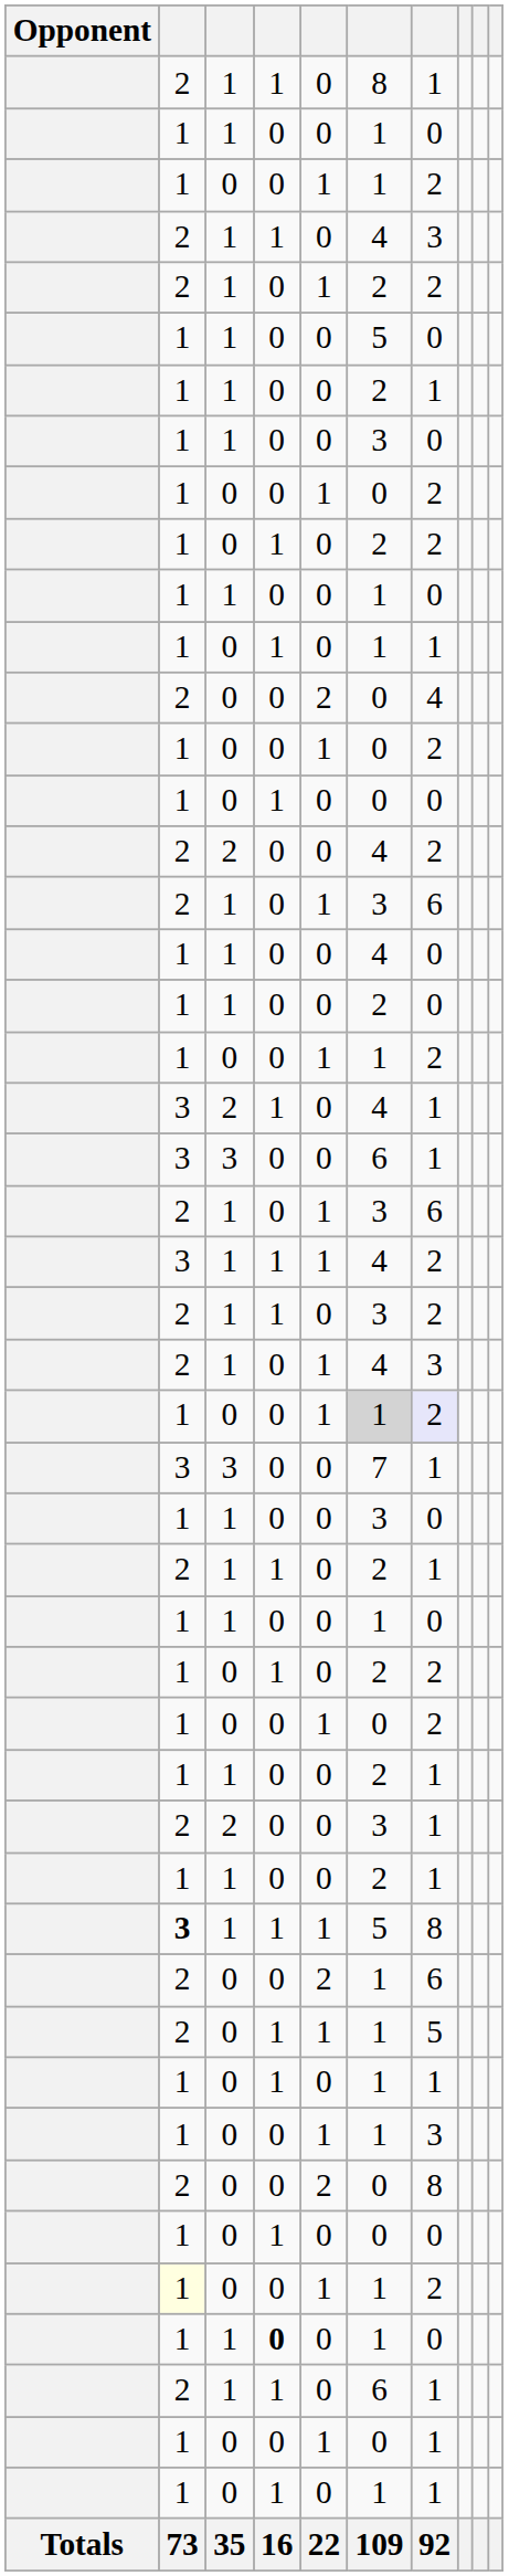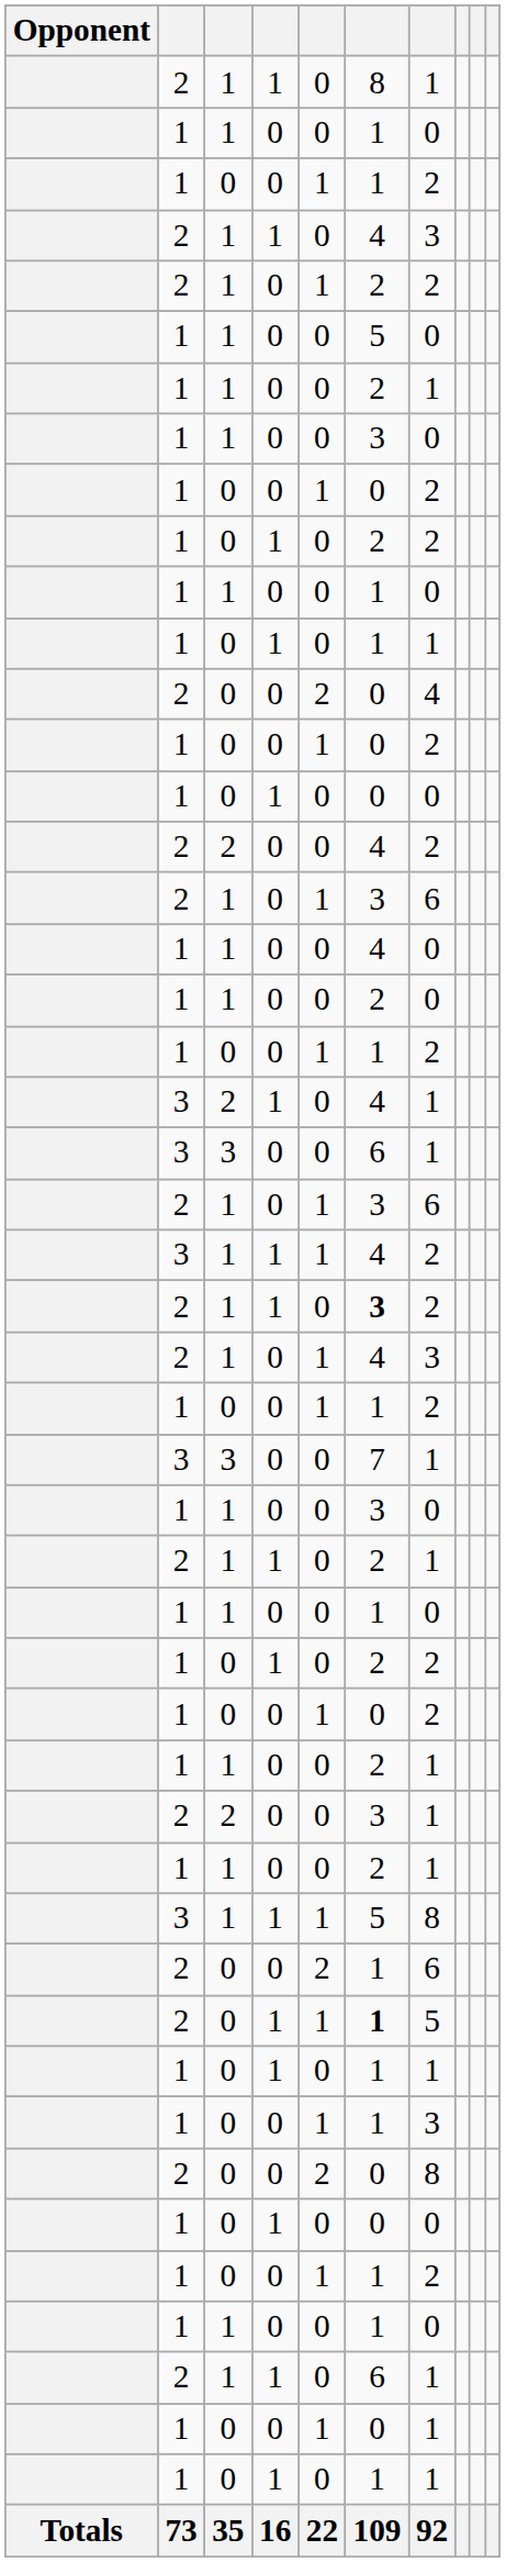 <table class="wikitable plainrowheaders sortable" style="text-align:center">
 <tr>
 <th scope=col>Opponent</th>
 <th scope=col></th>
 <th scope=col></th>
 <th scope=col></th>
 <th scope=col></th>
 <th scope=col></th>
 <th scope=col></th>
 <th scope=col></th>
 <th scope=col></th>
 <th scope=col></th>
 </tr>
 <tr>
 <th scope=row style="text-align:left;"></th>
 <td>2</td>
 <td>1</td>
 <td>1</td>
 <td>0</td>
 <td>8</td>
 <td>1</td>
 <td></td>
 <td></td>
 <td></td>
 </tr>
 <tr>
 <th scope=row style="text-align:left;"></th>
 <td>1</td>
 <td>1</td>
 <td>0</td>
 <td>0</td>
 <td>1</td>
 <td>0</td>
 <td></td>
 <td></td>
 <td></td>
 </tr>
 <tr>
 <th scope=row style="text-align:left;"></th>
 <td>1</td>
 <td>0</td>
 <td>0</td>
 <td>1</td>
 <td>1</td>
 <td>2</td>
 <td></td>
 <td></td>
 <td></td>
 </tr>
 <tr>
 <th scope=row style="text-align:left;"></th>
 <td>2</td>
 <td>1</td>
 <td>1</td>
 <td>0</td>
 <td>4</td>
 <td>3</td>
 <td></td>
 <td></td>
 <td></td>
 </tr>
 <tr>
 <th scope=row style="text-align:left;"></th>
 <td>2</td>
 <td>1</td>
 <td>0</td>
 <td>1</td>
 <td>2</td>
 <td>2</td>
 <td></td>
 <td></td>
 <td></td>
 </tr>
 <tr>
 <th scope=row style="text-align:left;"></th>
 <td>1</td>
 <td>1</td>
 <td>0</td>
 <td>0</td>
 <td>5</td>
 <td>0</td>
 <td></td>
 <td></td>
 <td></td>
 </tr>
 <tr>
 <th scope=row style="text-align:left;"></th>
 <td>1</td>
 <td>1</td>
 <td>0</td>
 <td>0</td>
 <td>2</td>
 <td>1</td>
 <td></td>
 <td></td>
 <td></td>
 </tr>
 <tr>
 <th scope=row style="text-align:left;"></th>
 <td>1</td>
 <td>1</td>
 <td>0</td>
 <td>0</td>
 <td>3</td>
 <td>0</td>
 <td></td>
 <td></td>
 <td></td>
 </tr>
 <tr>
 <th scope=row style="text-align:left;"></th>
 <td>1</td>
 <td>0</td>
 <td>0</td>
 <td>1</td>
 <td>0</td>
 <td>2</td>
 <td></td>
 <td></td>
 <td></td>
 </tr>
 <tr>
 <th scope=row style="text-align:left;"></th>
 <td>1</td>
 <td>0</td>
 <td>1</td>
 <td>0</td>
 <td>2</td>
 <td>2</td>
 <td></td>
 <td></td>
 <td></td>
 </tr>
 <tr>
 <th scope=row style="text-align:left;"></th>
 <td>1</td>
 <td>1</td>
 <td>0</td>
 <td>0</td>
 <td>1</td>
 <td>0</td>
 <td></td>
 <td></td>
 <td></td>
 </tr>
 <tr>
 <th scope=row style="text-align:left;"></th>
 <td>1</td>
 <td>0</td>
 <td>1</td>
 <td>0</td>
 <td>1</td>
 <td>1</td>
 <td></td>
 <td></td>
 <td></td>
 </tr>
 <tr>
 <th scope=row style="text-align:left;"></th>
 <td>2</td>
 <td>0</td>
 <td>0</td>
 <td>2</td>
 <td>0</td>
 <td>4</td>
 <td></td>
 <td></td>
 <td></td>
 </tr>
 <tr>
 <th scope=row style="text-align:left;"></th>
 <td>1</td>
 <td>0</td>
 <td>0</td>
 <td>1</td>
 <td>0</td>
 <td>2</td>
 <td></td>
 <td></td>
 <td></td>
 </tr>
 <tr>
 <th scope=row style="text-align:left;"></th>
 <td>1</td>
 <td>0</td>
 <td>1</td>
 <td>0</td>
 <td>0</td>
 <td>0</td>
 <td></td>
 <td></td>
 <td></td>
 </tr>
 <tr>
 <th scope=row style="text-align:left;"></th>
 <td>2</td>
 <td>2</td>
 <td>0</td>
 <td>0</td>
 <td>4</td>
 <td>2</td>
 <td></td>
 <td></td>
 <td></td>
 </tr>
 <tr>
 <th scope=row style="text-align:left;"></th>
 <td>2</td>
 <td>1</td>
 <td>0</td>
 <td>1</td>
 <td>3</td>
 <td>6</td>
 <td></td>
 <td></td>
 <td></td>
 </tr>
 <tr>
 <th scope=row style="text-align:left;"></th>
 <td>1</td>
 <td>1</td>
 <td>0</td>
 <td>0</td>
 <td>4</td>
 <td>0</td>
 <td></td>
 <td></td>
 <td></td>
 </tr>
 <tr>
 <th scope=row style="text-align:left;"></th>
 <td>1</td>
 <td>1</td>
 <td>0</td>
 <td>0</td>
 <td>2</td>
 <td>0</td>
 <td></td>
 <td></td>
 <td></td>
 </tr>
 <tr>
 <th scope=row style="text-align:left;"></th>
 <td>1</td>
 <td>0</td>
 <td>0</td>
 <td>1</td>
 <td>1</td>
 <td>2</td>
 <td></td>
 <td></td>
 <td></td>
 </tr>
 <tr>
 <th scope=row style="text-align:left;"></th>
 <td>3</td>
 <td>2</td>
 <td>1</td>
 <td>0</td>
 <td>4</td>
 <td>1</td>
 <td></td>
 <td></td>
 <td></td>
 </tr>
 <tr>
 <th scope=row style="text-align:left;"></th>
 <td>3</td>
 <td>3</td>
 <td>0</td>
 <td>0</td>
 <td>6</td>
 <td>1</td>
 <td></td>
 <td></td>
 <td></td>
 </tr>
 <tr>
 <th scope=row style="text-align:left;"></th>
 <td>2</td>
 <td>1</td>
 <td>0</td>
 <td>1</td>
 <td>3</td>
 <td>6</td>
 <td></td>
 <td></td>
 <td></td>
 </tr>
 <tr>
 <th scope=row style="text-align:left;"></th>
 <td>3</td>
 <td>1</td>
 <td>1</td>
 <td>1</td>
 <td>4</td>
 <td>2</td>
 <td></td>
 <td></td>
 <td></td>
 </tr>
 <tr>
 <th scope=row style="text-align:left;"></th>
 <td>2</td>
 <td>1</td>
 <td>1</td>
 <td>0</td>
-<td>3</td>
+<td><strong>3</strong></td>
 <td>2</td>
 <td></td>
 <td></td>
 <td></td>
 </tr>
 <tr>
 <th scope=row style="text-align:left;"></th>
 <td>2</td>
 <td>1</td>
 <td>0</td>
 <td>1</td>
 <td>4</td>
 <td>3</td>
 <td></td>
 <td></td>
 <td></td>
 </tr>
 <tr>
 <th scope=row style="text-align:left;"></th>
 <td>1</td>
 <td>0</td>
 <td>0</td>
 <td>1</td>
-<td style="background: lightgrey;">1</td>
-<td style="background: lavender;">2</td>
+<td>1</td>
+<td>2</td>
 <td></td>
 <td></td>
 <td></td>
 </tr>
 <tr>
 <th scope=row style="text-align:left;"></th>
 <td>3</td>
 <td>3</td>
 <td>0</td>
 <td>0</td>
 <td>7</td>
 <td>1</td>
 <td></td>
 <td></td>
 <td></td>
 </tr>
 <tr>
 <th scope=row style="text-align:left;"></th>
 <td>1</td>
 <td>1</td>
 <td>0</td>
 <td>0</td>
 <td>3</td>
 <td>0</td>
 <td></td>
 <td></td>
 <td></td>
 </tr>
 <tr>
 <th scope=row style="text-align:left;"></th>
 <td>2</td>
 <td>1</td>
 <td>1</td>
 <td>0</td>
 <td>2</td>
 <td>1</td>
 <td></td>
 <td></td>
 <td></td>
 </tr>
 <tr>
 <th scope=row style="text-align:left;"></th>
 <td>1</td>
 <td>1</td>
 <td>0</td>
 <td>0</td>
 <td>1</td>
 <td>0</td>
 <td></td>
 <td></td>
 <td></td>
 </tr>
 <tr>
 <th scope=row style="text-align:left;"></th>
 <td>1</td>
 <td>0</td>
 <td>1</td>
 <td>0</td>
 <td>2</td>
 <td>2</td>
 <td></td>
 <td></td>
 <td></td>
 </tr>
 <tr>
 <th scope=row style="text-align:left;"></th>
 <td>1</td>
 <td>0</td>
 <td>0</td>
 <td>1</td>
 <td>0</td>
 <td>2</td>
 <td></td>
 <td></td>
 <td></td>
 </tr>
 <tr>
 <th scope=row style="text-align:left;"></th>
 <td>1</td>
 <td>1</td>
 <td>0</td>
 <td>0</td>
 <td>2</td>
 <td>1</td>
 <td></td>
 <td></td>
 <td></td>
 </tr>
 <tr>
 <th scope=row style="text-align:left;"></th>
 <td>2</td>
 <td>2</td>
 <td>0</td>
 <td>0</td>
 <td>3</td>
 <td>1</td>
 <td></td>
 <td></td>
 <td></td>
 </tr>
 <tr>
 <th scope=row style="text-align:left;"></th>
 <td>1</td>
 <td>1</td>
 <td>0</td>
 <td>0</td>
 <td>2</td>
 <td>1</td>
 <td></td>
 <td></td>
 <td></td>
 </tr>
 <tr>
 <th scope=row style="text-align:left;"></th>
-<td><strong>3</strong></td>
+<td>3</td>
 <td>1</td>
 <td>1</td>
 <td>1</td>
 <td>5</td>
 <td>8</td>
 <td></td>
 <td></td>
 <td></td>
 </tr>
 <tr>
 <th scope=row style="text-align:left;"></th>
 <td>2</td>
 <td>0</td>
 <td>0</td>
 <td>2</td>
 <td>1</td>
 <td>6</td>
 <td></td>
 <td></td>
 <td></td>
 </tr>
 <tr>
 <th scope=row style="text-align:left;"></th>
 <td>2</td>
 <td>0</td>
 <td>1</td>
 <td>1</td>
-<td>1</td>
+<td><strong>1</strong></td>
 <td>5</td>
 <td></td>
 <td></td>
 <td></td>
 </tr>
 <tr>
 <th scope=row style="text-align:left;"></th>
 <td>1</td>
 <td>0</td>
 <td>1</td>
 <td>0</td>
 <td>1</td>
 <td>1</td>
 <td></td>
 <td></td>
 <td></td>
 </tr>
 <tr>
 <th scope=row style="text-align:left;"></th>
 <td>1</td>
 <td>0</td>
 <td>0</td>
 <td>1</td>
 <td>1</td>
 <td>3</td>
 <td></td>
 <td></td>
 <td></td>
 </tr>
 <tr>
 <th scope=row style="text-align:left;"></th>
 <td>2</td>
 <td>0</td>
 <td>0</td>
 <td>2</td>
 <td>0</td>
 <td>8</td>
 <td></td>
 <td></td>
 <td></td>
 </tr>
 <tr>
 <th scope=row style="text-align:left;"></th>
 <td>1</td>
 <td>0</td>
 <td>1</td>
 <td>0</td>
 <td>0</td>
 <td>0</td>
 <td></td>
 <td></td>
 <td></td>
 </tr>
 <tr>
 <th scope=row style="text-align:left;"></th>
-<td style="background: lightyellow;">1</td>
+<td>1</td>
 <td>0</td>
 <td>0</td>
 <td>1</td>
 <td>1</td>
 <td>2</td>
 <td></td>
 <td></td>
 <td></td>
 </tr>
 <tr>
 <th scope=row style="text-align:left;"></th>
 <td>1</td>
 <td>1</td>
-<td><strong>0</strong></td>
+<td>0</td>
 <td>0</td>
 <td>1</td>
 <td>0</td>
 <td></td>
 <td></td>
 <td></td>
 </tr>
 <tr>
 <th scope=row style="text-align:left;"></th>
 <td>2</td>
 <td>1</td>
 <td>1</td>
 <td>0</td>
 <td>6</td>
 <td>1</td>
 <td></td>
 <td></td>
 <td></td>
 </tr>
 <tr>
 <th scope=row style="text-align:left;"></th>
 <td>1</td>
 <td>0</td>
 <td>0</td>
 <td>1</td>
 <td>0</td>
 <td>1</td>
 <td></td>
 <td></td>
 <td></td>
 </tr>
 <tr>
 <th scope=row style="text-align:left;"></th>
 <td>1</td>
 <td>0</td>
 <td>1</td>
 <td>0</td>
 <td>1</td>
 <td>1</td>
 <td></td>
 <td></td>
 <td></td>
 </tr>
 <tr class="sortbottom">
 <th>Totals</th>
 <th>73</th>
 <th>35</th>
 <th>16</th>
 <th>22</th>
 <th>109</th>
 <th>92</th>
 <th></th>
 <th></th>
 <th></th>
 </tr>
 </table>
